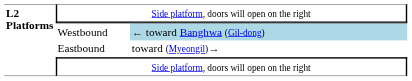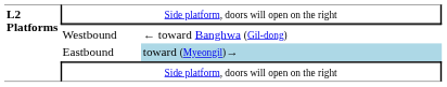 <table table border=0 cellspacing=0 cellpadding=3>
 <tr>
 <td style="border-top:solid 1px gray;border-bottom:solid 1px gray;" width=50 rowspan=10 valign=top><strong>L2<br>Platforms</strong></td>
 <td style="border-top:solid 1px gray;border-right:solid 2px black;border-left:solid 2px black;border-bottom:solid 2px black;text-align:center;" colspan=2><small><a href='#'>Side platform</a>, doors will open on the right</small></td>
 </tr>
 <tr>
 <td style="border-bottom:solid 0px gray;border-top:solid 1px gray;" width=100>Westbound</td>
-<td style="background: lightblue; border-bottom:solid 0px gray;border-top:solid 1px gray;" width=390>←  toward <a href='#'>Banghwa</a> <small>(<a href='#'>Gil-dong</a>)</small></td>
+<td style="border-bottom:solid 0px gray;border-top:solid 1px gray;" width=390>←  toward <a href='#'>Banghwa</a> <small>(<a href='#'>Gil-dong</a>)</small></td>
 </tr>
 <tr>
 <td>Eastbound</td>
-<td>  toward  <small>(<a href='#'>Myeongil</a>)</small>→</td>
+<td style="background: lightblue;">  toward  <small>(<a href='#'>Myeongil</a>)</small>→</td>
 </tr>
 <tr>
 <td style="border-top:solid 2px black;border-right:solid 2px black;border-left:solid 2px black;border-bottom:solid 1px gray;text-align:center;" colspan=2><small><a href='#'>Side platform</a>, doors will open on the right</small></td>
 </tr>
 </table>
